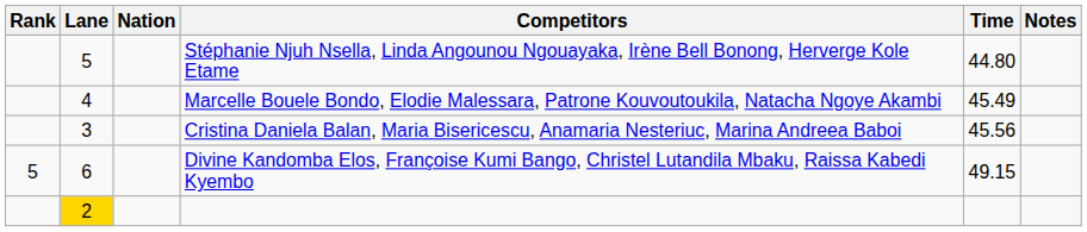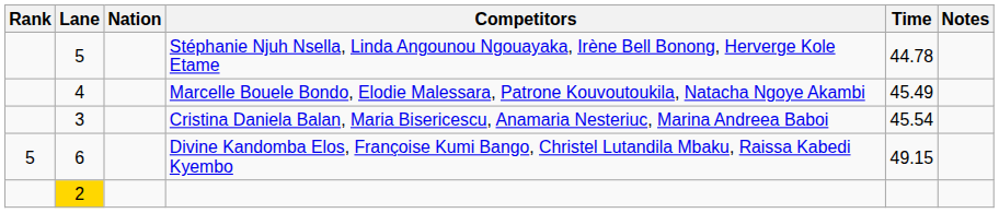 <table class="wikitable sortable" style="text-align:center; font-size:95%">
 <tr>
 <th>Rank</th>
 <th>Lane</th>
 <th>Nation</th>
 <th>Competitors</th>
 <th>Time</th>
 <th>Notes</th>
 </tr>
 <tr>
 <td></td>
 <td>5</td>
 <td align=left></td>
 <td align=left><a href='#'>Stéphanie Njuh Nsella</a>, <a href='#'>Linda Angounou Ngouayaka</a>, <a href='#'>Irène Bell Bonong</a>, <a href='#'>Herverge Kole Etame</a></td>
-<td>44.80</td>
+<td>44.78</td>
 <td></td>
 </tr>
 <tr>
 <td></td>
 <td>4</td>
 <td align=left></td>
 <td align=left><a href='#'>Marcelle Bouele Bondo</a>, <a href='#'>Elodie Malessara</a>, <a href='#'>Patrone Kouvoutoukila</a>, <a href='#'>Natacha Ngoye Akambi</a></td>
 <td>45.49</td>
 <td></td>
 </tr>
 <tr>
 <td></td>
 <td>3</td>
 <td align=left></td>
 <td align=left><a href='#'>Cristina Daniela Balan</a>, <a href='#'>Maria Bisericescu</a>, <a href='#'>Anamaria Nesteriuc</a>, <a href='#'>Marina Andreea Baboi</a></td>
-<td>45.56</td>
+<td>45.54</td>
 <td></td>
 </tr>
 <tr>
 <td>5</td>
 <td>6</td>
 <td align=left></td>
 <td align=left><a href='#'>Divine Kandomba Elos</a>, <a href='#'>Françoise Kumi Bango</a>, <a href='#'>Christel Lutandila Mbaku</a>, <a href='#'>Raissa Kabedi Kyembo</a></td>
 <td>49.15</td>
 <td></td>
 </tr>
 <tr>
 <td></td>
 <td style="background: gold;">2</td>
 <td align=left></td>
 <td align=left></td>
 <td></td>
 <td></td>
 </tr>
 </table>
